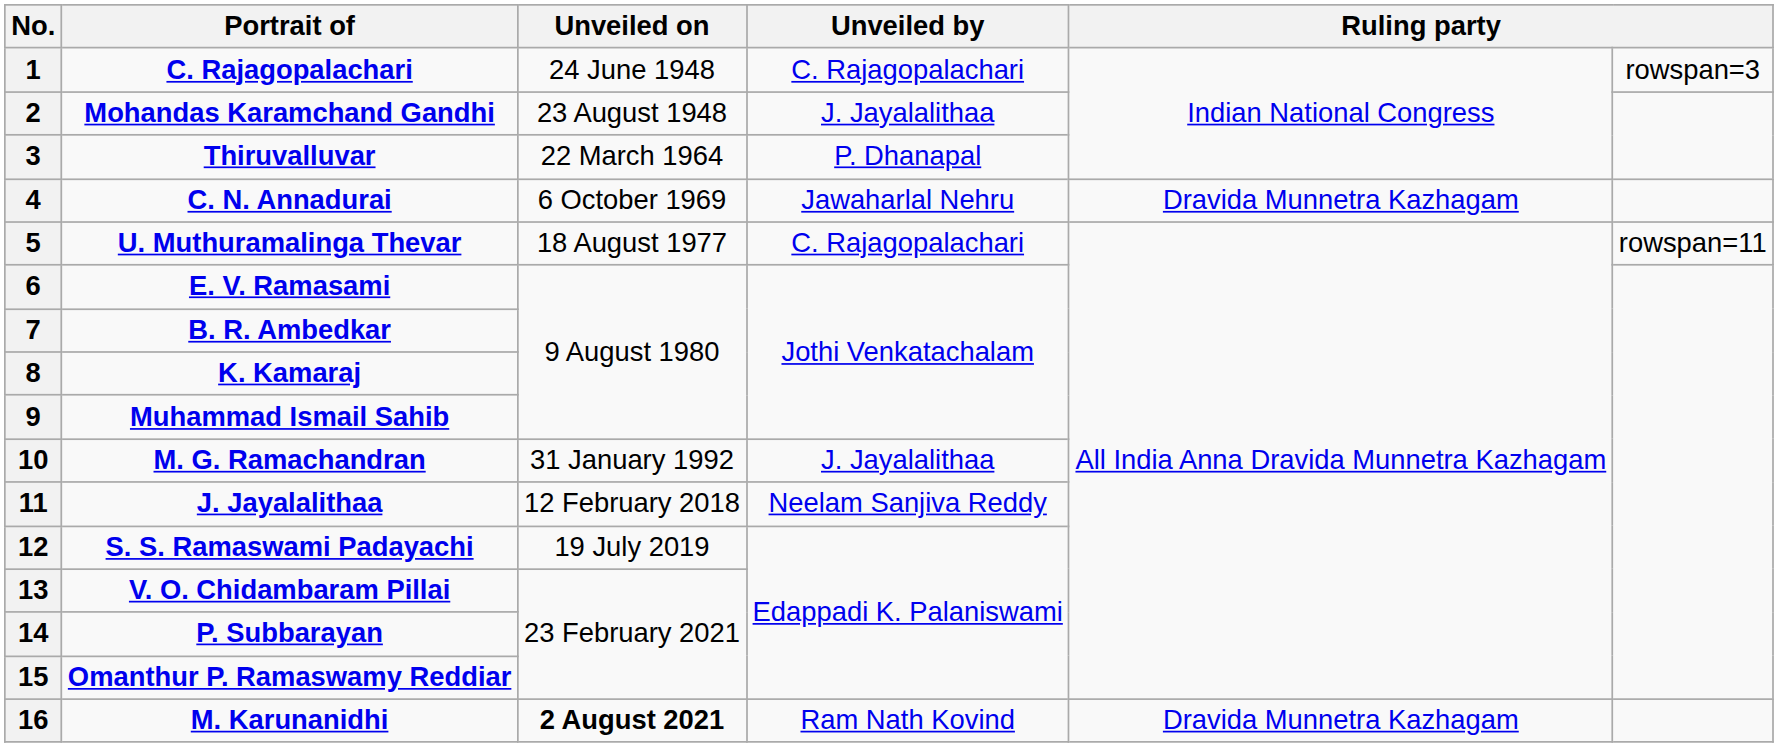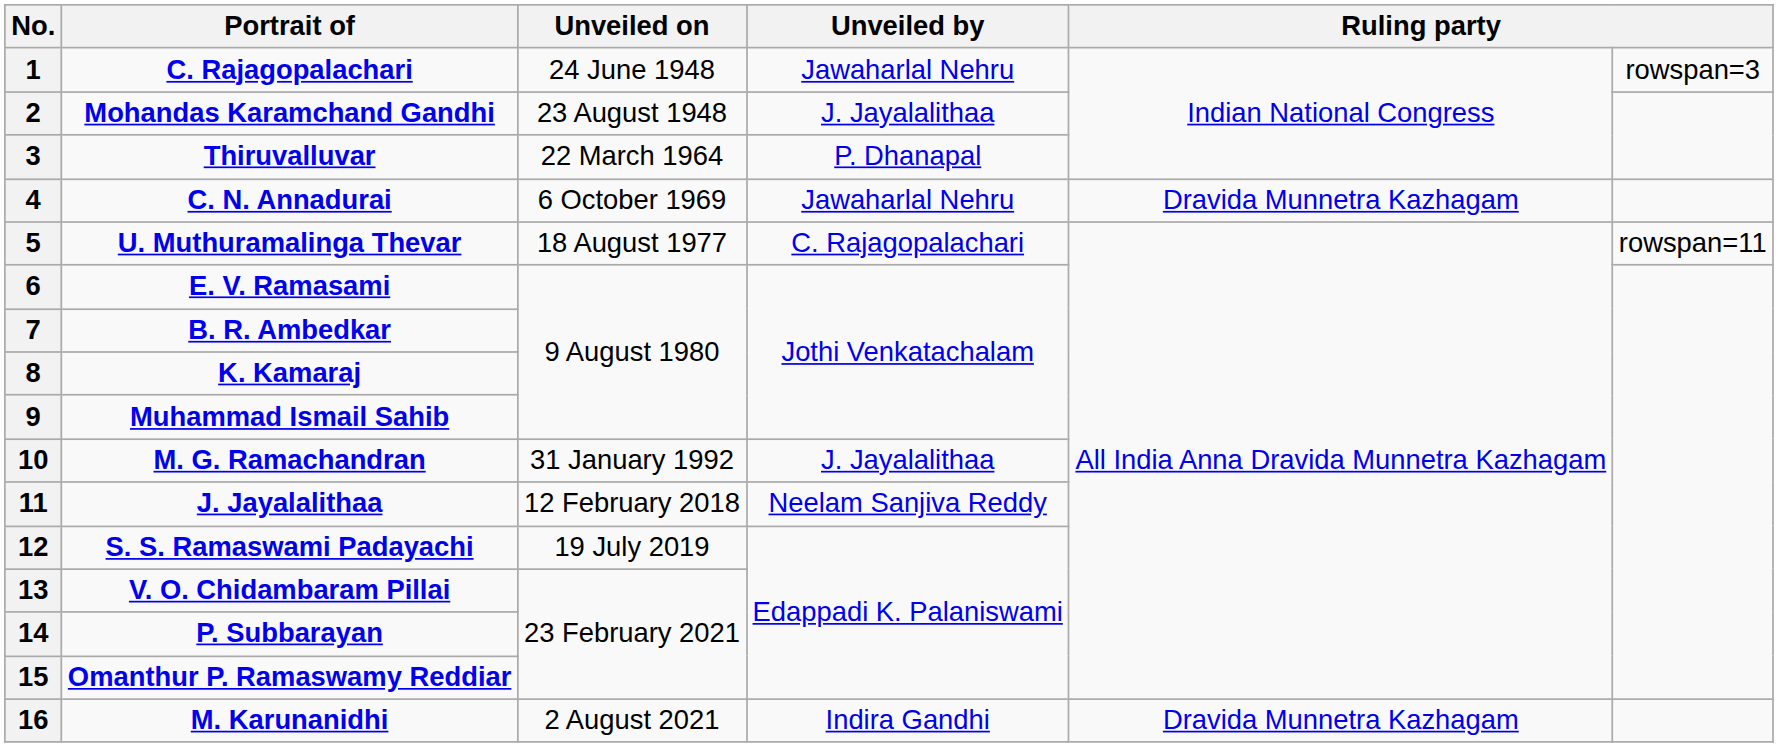 <table class="wikitable sortable" style="text-align:center">
 <tr>
 <th>No.</th>
 <th>Portrait of</th>
 <th>Unveiled on</th>
 <th>Unveiled by</th>
 <th colspan=2>Ruling party</th>
 </tr>
 <tr>
 <th>1</th>
 <td><strong><a href='#'>C. Rajagopalachari</a></strong></td>
 <td>24 June 1948</td>
-<td><a href='#'>C. Rajagopalachari</a></td>
+<td><a href='#'>Jawaharlal Nehru</a></td>
 <td rowspan=3><a href='#'>Indian National Congress</a></td>
 <td>rowspan=3 </td>
 </tr>
 <tr>
 <th>2</th>
 <td><strong><a href='#'>Mohandas Karamchand Gandhi</a></strong></td>
 <td>23 August 1948</td>
 <td><a href='#'>J. Jayalalithaa</a></td>
 </tr>
 <tr>
 <th>3</th>
 <td><strong><a href='#'>Thiruvalluvar</a></strong></td>
 <td>22 March 1964</td>
 <td><a href='#'>P. Dhanapal</a></td>
 </tr>
 <tr>
 <th>4</th>
 <td><strong><a href='#'>C. N. Annadurai</a></strong></td>
 <td>6 October 1969</td>
 <td><a href='#'>Jawaharlal Nehru</a></td>
 <td><a href='#'>Dravida Munnetra Kazhagam</a></td>
 <td></td>
 </tr>
 <tr>
 <th>5</th>
 <td><strong><a href='#'>U. Muthuramalinga Thevar</a></strong></td>
 <td>18 August 1977</td>
 <td><a href='#'>C. Rajagopalachari</a></td>
 <td rowspan=11><a href='#'>All India Anna Dravida Munnetra Kazhagam</a></td>
 <td>rowspan=11 </td>
 </tr>
 <tr>
 <th>6</th>
 <td><strong><a href='#'>E. V. Ramasami</a></strong></td>
 <td rowspan=4>9 August 1980</td>
 <td rowspan=4><a href='#'>Jothi Venkatachalam</a></td>
 </tr>
 <tr>
 <th>7</th>
 <td><strong><a href='#'>B. R. Ambedkar</a></strong></td>
 </tr>
 <tr>
 <th>8</th>
 <td><strong><a href='#'>K. Kamaraj</a></strong></td>
 </tr>
 <tr>
 <th>9</th>
 <td><strong><a href='#'>Muhammad Ismail Sahib</a></strong></td>
 </tr>
 <tr>
 <th>10</th>
 <td><strong><a href='#'>M. G. Ramachandran</a></strong></td>
 <td>31 January 1992</td>
 <td><a href='#'>J. Jayalalithaa</a></td>
 </tr>
 <tr>
 <th>11</th>
 <td><strong><a href='#'>J. Jayalalithaa</a></strong></td>
 <td>12 February 2018</td>
 <td><a href='#'>Neelam Sanjiva Reddy</a></td>
 </tr>
 <tr>
 <th>12</th>
 <td><strong><a href='#'>S. S. Ramaswami Padayachi</a></strong></td>
 <td>19 July 2019</td>
 <td rowspan=4><a href='#'>Edappadi K. Palaniswami</a></td>
 </tr>
 <tr>
 <th>13</th>
 <td><strong><a href='#'>V. O. Chidambaram Pillai</a></strong></td>
 <td rowspan=3>23 February 2021</td>
 </tr>
 <tr>
 <th>14</th>
 <td><strong><a href='#'>P. Subbarayan</a></strong></td>
 </tr>
 <tr>
 <th>15</th>
 <td><strong><a href='#'>Omanthur P. Ramaswamy Reddiar</a></strong></td>
 </tr>
 <tr>
 <th>16</th>
 <td><strong><a href='#'>M. Karunanidhi</a></strong></td>
-<td><strong>2 August 2021</strong></td>
-<td><a href='#'>Ram Nath Kovind</a></td>
+<td>2 August 2021</td>
+<td><a href='#'>Indira Gandhi</a></td>
 <td><a href='#'>Dravida Munnetra Kazhagam</a></td>
 <td></td>
 </tr>
 </table>
